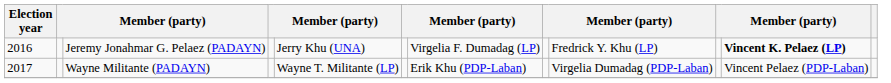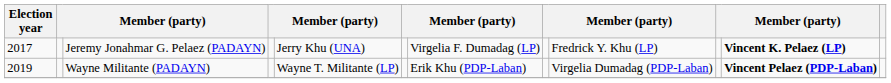 <table class=wikitable>
 <tr>
 <th width=60px>Election<br>year</th>
 <th colspan=2 width=140px>Member (party)</th>
 <th colspan=2 width=140px>Member (party)</th>
 <th colspan=2 width=140px>Member (party)</th>
 <th colspan=2 width=140px>Member (party)</th>
 <th colspan=2 width=140px>Member (party)</th>
 <th !></th>
 </tr>
 <tr>
-<td>2016</td>
+<td>2017</td>
 <td></td>
 <td>Jeremy Jonahmar G. Pelaez (<a href='#'>PADAYN</a>)</td>
 <td></td>
 <td>Jerry Khu (<a href='#'>UNA</a>)</td>
 <td></td>
 <td>Virgelia F. Dumadag (<a href='#'>LP</a>)</td>
 <td></td>
 <td>Fredrick Y. Khu (<a href='#'>LP</a>)</td>
 <td></td>
 <td><strong>Vincent K. Pelaez (<a href='#'>LP</a>)</strong></td>
 <td></td>
 </tr>
 <tr>
-<td>2017</td>
+<td>2019</td>
 <td></td>
 <td>Wayne Militante (<a href='#'>PADAYN</a>)</td>
 <td></td>
 <td>Wayne T. Militante (<a href='#'>LP</a>)</td>
 <td></td>
 <td>Erik Khu (<a href='#'>PDP-Laban</a>)</td>
 <td></td>
 <td>Virgelia Dumadag (<a href='#'>PDP-Laban</a>)</td>
 <td></td>
-<td>Vincent Pelaez (<a href='#'>PDP-Laban</a>)</td>
+<td><strong>Vincent Pelaez (<a href='#'>PDP-Laban</a>)</strong></td>
 <td></td>
 </tr>
 <tr>
 </tr>
 </table>
